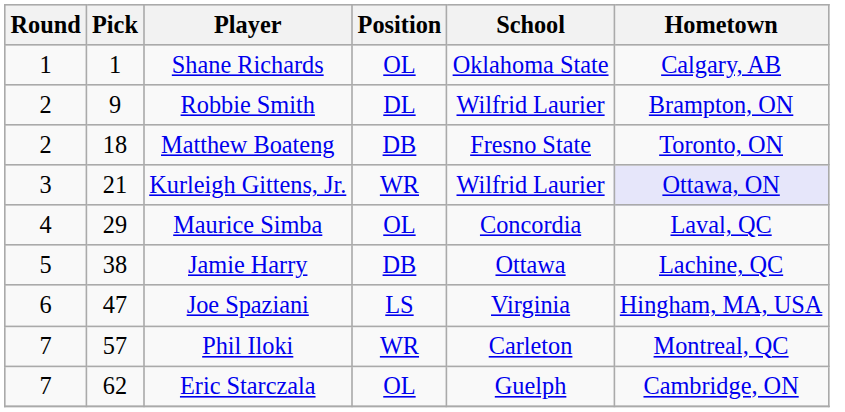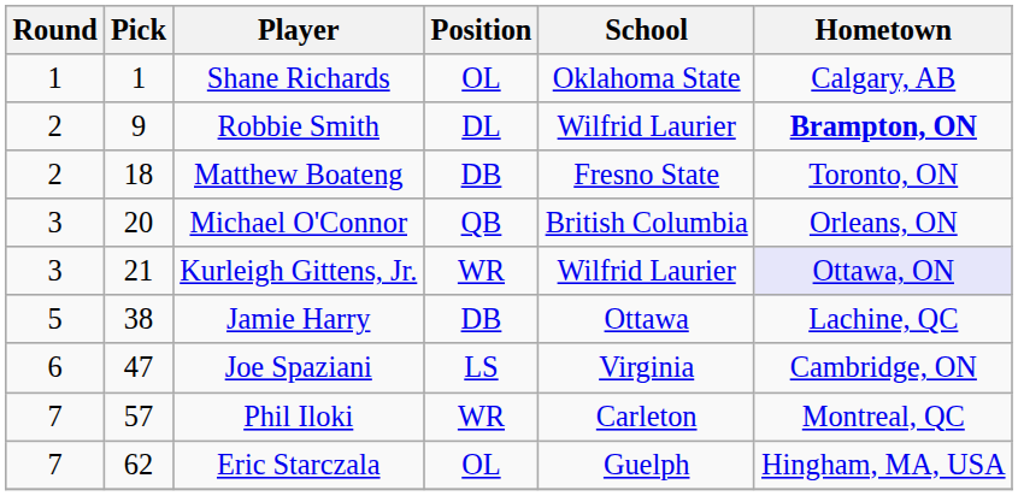 <table class="wikitable" style="font-size: 95%;">
 <tr>
 <th scope="col">Round</th>
 <th scope="col">Pick</th>
 <th scope="col">Player</th>
 <th scope="col">Position</th>
 <th scope="col">School</th>
 <th scope="col">Hometown</th>
 </tr>
 <tr align="center">
 <td align=center>1</td>
 <td>1</td>
 <td><a href='#'>Shane Richards</a></td>
 <td><a href='#'>OL</a></td>
 <td><a href='#'>Oklahoma State</a></td>
 <td><a href='#'>Calgary, AB</a></td>
 </tr>
 <tr align="center">
 <td align=center>2</td>
 <td>9</td>
 <td><a href='#'>Robbie Smith</a></td>
 <td><a href='#'>DL</a></td>
 <td><a href='#'>Wilfrid Laurier</a></td>
-<td><a href='#'>Brampton, ON</a></td>
+<td><strong><a href='#'>Brampton, ON</a></strong></td>
 </tr>
 <tr align="center">
 <td align=center>2</td>
 <td>18</td>
 <td><a href='#'>Matthew Boateng</a></td>
 <td><a href='#'>DB</a></td>
 <td><a href='#'>Fresno State</a></td>
 <td><a href='#'>Toronto, ON</a></td>
 </tr>
 <tr align="center">
 <td align=center>3</td>
+<td>20</td>
+<td><a href='#'>Michael O'Connor</a></td>
+<td><a href='#'>QB</a></td>
+<td><a href='#'>British Columbia</a></td>
+<td><a href='#'>Orleans, ON</a></td>
+</tr>
+<tr align="center">
+<td align=center>3</td>
 <td>21</td>
 <td><a href='#'>Kurleigh Gittens, Jr.</a></td>
 <td><a href='#'>WR</a></td>
 <td><a href='#'>Wilfrid Laurier</a></td>
 <td style="background: lavender;"><a href='#'>Ottawa, ON</a></td>
-</tr>
-<tr align="center">
-<td align=center>4</td>
-<td>29</td>
-<td><a href='#'>Maurice Simba</a></td>
-<td><a href='#'>OL</a></td>
-<td><a href='#'>Concordia</a></td>
-<td><a href='#'>Laval, QC</a></td>
 </tr>
 <tr align="center">
 <td align=center>5</td>
 <td>38</td>
 <td><a href='#'>Jamie Harry</a></td>
 <td><a href='#'>DB</a></td>
 <td><a href='#'>Ottawa</a></td>
 <td><a href='#'>Lachine, QC</a></td>
 </tr>
 <tr align="center">
 <td align=center>6</td>
 <td>47</td>
 <td><a href='#'>Joe Spaziani</a></td>
 <td><a href='#'>LS</a></td>
 <td><a href='#'>Virginia</a></td>
-<td><a href='#'>Hingham, MA, USA</a></td>
+<td><a href='#'>Cambridge, ON</a></td>
 </tr>
 <tr align="center">
 <td align=center>7</td>
 <td>57</td>
 <td><a href='#'>Phil Iloki</a></td>
 <td><a href='#'>WR</a></td>
 <td><a href='#'>Carleton</a></td>
 <td><a href='#'>Montreal, QC</a></td>
 </tr>
 <tr align="center">
 <td align=center>7</td>
 <td>62</td>
 <td><a href='#'>Eric Starczala</a></td>
 <td><a href='#'>OL</a></td>
 <td><a href='#'>Guelph</a></td>
-<td><a href='#'>Cambridge, ON</a></td>
+<td><a href='#'>Hingham, MA, USA</a></td>
 </tr>
 <tr>
 </tr>
 </table>
